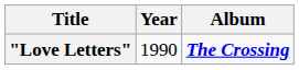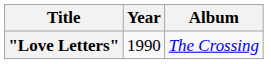 <table class="wikitable plainrowheaders" style="text-align:center;" border="1">
 <tr>
 <th scope="col">Title</th>
 <th scope="col">Year</th>
 <th scope="col">Album</th>
 </tr>
 <tr>
 <th scope="row">"Love Letters"</th>
 <td rowspan="3">1990</td>
-<td><strong><em><a href='#'>The Crossing</a></em></strong></td>
+<td><em><a href='#'>The Crossing</a></em></td>
 </tr>
 </table>
